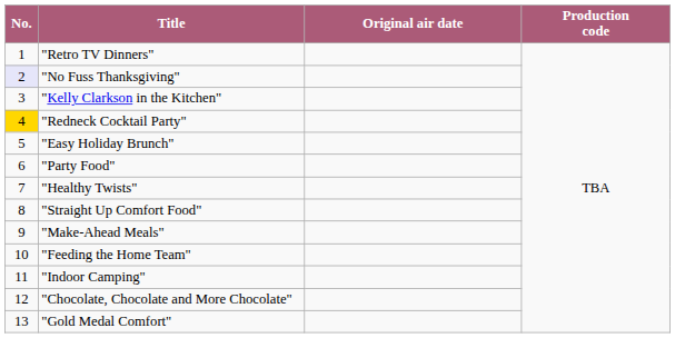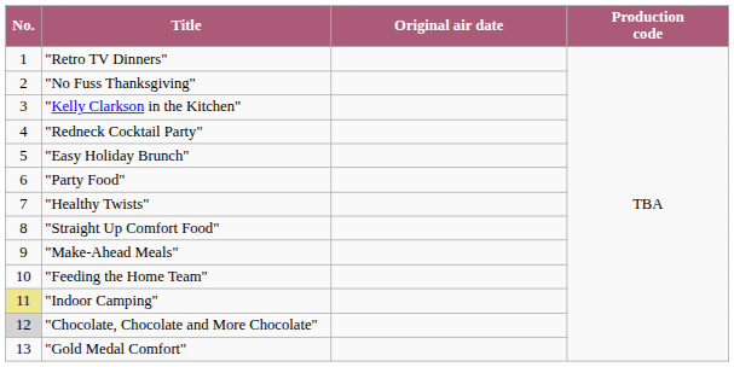 <table class="wikitable plainrowheaders" style="width:60%;">
 <tr>
 <th style="background-color: #ab5b78; color: #FFFFFF;" width=5%>No.</th>
 <th style="background-color: #ab5b78; color: #FFFFFF;" width=40%>Title</th>
 <th style="background-color: #ab5b78; color: #FFFFFF;">Original air date</th>
 <th style="background-color: #ab5b78; color: #FFFFFF;">Production<br>code</th>
 </tr>
 <tr>
 <td align=center>1</td>
 <td>"Retro TV Dinners"</td>
 <td align=center></td>
 <td align=center rowspan=13>TBA</td>
 </tr>
 <tr>
-<td align=center style="background: lavender;">2</td>
+<td align=center>2</td>
 <td>"No Fuss Thanksgiving"</td>
 <td align=center></td>
 </tr>
 <tr>
 <td align=center>3</td>
 <td>"<a href='#'>Kelly Clarkson</a> in the Kitchen"</td>
 <td align=center></td>
 </tr>
 <tr>
-<td align=center style="background: gold;">4</td>
+<td align=center>4</td>
 <td>"Redneck Cocktail Party"</td>
 <td align=center></td>
 </tr>
 <tr>
 <td align=center>5</td>
 <td>"Easy Holiday Brunch"</td>
 <td align=center></td>
 </tr>
 <tr>
 <td align=center>6</td>
 <td>"Party Food"</td>
 <td align=center></td>
 </tr>
 <tr>
 <td align=center>7</td>
 <td>"Healthy Twists"</td>
 <td align=center></td>
 </tr>
 <tr>
 <td align=center>8</td>
 <td>"Straight Up Comfort Food"</td>
 <td align=center></td>
 </tr>
 <tr>
 <td align=center>9</td>
 <td>"Make-Ahead Meals"</td>
 <td align=center></td>
 </tr>
 <tr>
 <td align=center>10</td>
 <td>"Feeding the Home Team"</td>
 <td align=center></td>
 </tr>
 <tr>
-<td align=center>11</td>
+<td align=center style="background: khaki;">11</td>
 <td>"Indoor Camping"</td>
 <td align=center></td>
 </tr>
 <tr>
-<td align=center>12</td>
+<td align=center style="background: lightgrey;">12</td>
 <td>"Chocolate, Chocolate and More Chocolate"</td>
 <td align=center></td>
 </tr>
 <tr>
 <td align=center>13</td>
 <td>"Gold Medal Comfort"</td>
 <td align=center></td>
 </tr>
 </table>
